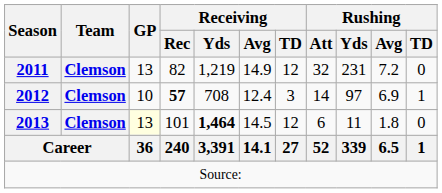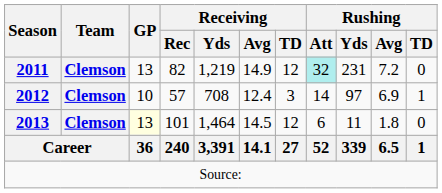 <table class="wikitable" style="text-align:center;">
 <tr>
 <th rowspan="2">Season</th>
 <th rowspan="2">Team</th>
 <th rowspan="2">GP</th>
 <th colspan="4">Receiving</th>
 <th colspan="4">Rushing</th>
 </tr>
 <tr>
 <th>Rec</th>
 <th>Yds</th>
 <th>Avg</th>
 <th>TD</th>
 <th>Att</th>
 <th>Yds</th>
 <th>Avg</th>
 <th>TD</th>
 </tr>
 <tr>
 <th><a href='#'>2011</a></th>
 <th><a href='#'>Clemson</a></th>
 <td>13</td>
 <td>82</td>
 <td>1,219</td>
 <td>14.9</td>
 <td>12</td>
-<td>32</td>
+<td style="background: paleturquoise;">32</td>
 <td>231</td>
 <td>7.2</td>
 <td>0</td>
 </tr>
 <tr>
 <th><a href='#'>2012</a></th>
 <th><a href='#'>Clemson</a></th>
 <td>10</td>
-<td><strong>57</strong></td>
+<td>57</td>
 <td>708</td>
 <td>12.4</td>
 <td>3</td>
 <td>14</td>
 <td>97</td>
 <td>6.9</td>
 <td>1</td>
 </tr>
 <tr>
 <th><a href='#'>2013</a></th>
 <th><a href='#'>Clemson</a></th>
 <td style="background: lightyellow;">13</td>
 <td>101</td>
-<td><strong>1,464</strong></td>
+<td>1,464</td>
 <td>14.5</td>
 <td>12</td>
 <td>6</td>
 <td>11</td>
 <td>1.8</td>
 <td>0</td>
 </tr>
 <tr>
 <th colspan="2">Career</th>
 <th>36</th>
 <th>240</th>
 <th>3,391</th>
 <th>14.1</th>
 <th>27</th>
 <th>52</th>
 <th>339</th>
 <th>6.5</th>
 <th>1</th>
 </tr>
 <tr>
 <td colspan="11"><small>Source: </small></td>
 </tr>
 </table>
